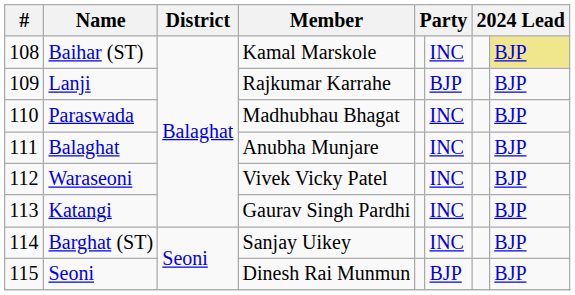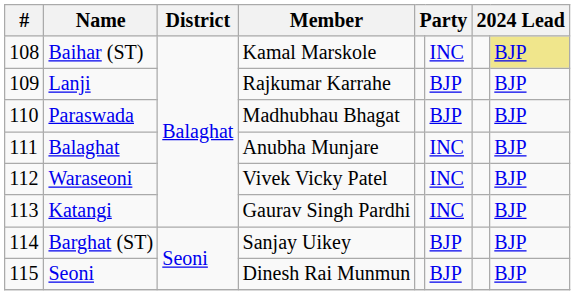 <table class="wikitable">
 <tr>
 <th>#</th>
 <th>Name</th>
 <th>District</th>
 <th>Member</th>
 <th colspan="2">Party</th>
 <th colspan="2">2024 Lead</th>
 </tr>
 <tr>
 <td>108</td>
 <td><a href='#'>Baihar</a> (ST)</td>
 <td rowspan="6"><a href='#'>Balaghat</a></td>
 <td>Kamal Marskole</td>
 <td style="background-color: "></td>
 <td><a href='#'>INC</a></td>
 <td style="background-color: "></td>
 <td style="background: khaki;"><a href='#'>BJP</a></td>
 </tr>
 <tr>
 <td>109</td>
 <td><a href='#'>Lanji</a></td>
 <td>Rajkumar Karrahe</td>
 <td style="background-color: "></td>
 <td><a href='#'>BJP</a></td>
 <td style="background-color: "></td>
 <td><a href='#'>BJP</a></td>
 </tr>
 <tr>
 <td>110</td>
 <td><a href='#'>Paraswada</a></td>
 <td>Madhubhau Bhagat</td>
 <td style="background-color: "></td>
-<td><a href='#'>INC</a></td>
+<td><a href='#'>BJP</a></td>
 <td style="background-color: "></td>
 <td><a href='#'>BJP</a></td>
 </tr>
 <tr>
 <td>111</td>
 <td><a href='#'>Balaghat</a></td>
 <td>Anubha Munjare</td>
 <td style="background-color: "></td>
 <td><a href='#'>INC</a></td>
 <td style="background-color: "></td>
 <td><a href='#'>BJP</a></td>
 </tr>
 <tr>
 <td>112</td>
 <td><a href='#'>Waraseoni</a></td>
 <td>Vivek Vicky Patel</td>
 <td style="background-color: "></td>
 <td><a href='#'>INC</a></td>
 <td style="background-color: "></td>
 <td><a href='#'>BJP</a></td>
 </tr>
 <tr>
 <td>113</td>
 <td><a href='#'>Katangi</a></td>
 <td>Gaurav Singh Pardhi</td>
 <td style="background-color: "></td>
 <td><a href='#'>INC</a></td>
 <td style="background-color: "></td>
 <td><a href='#'>BJP</a></td>
 </tr>
 <tr>
 <td>114</td>
 <td><a href='#'>Barghat</a> (ST)</td>
 <td rowspan="2"><a href='#'>Seoni</a></td>
 <td>Sanjay Uikey</td>
 <td style="background-color: "></td>
-<td><a href='#'>INC</a></td>
+<td><a href='#'>BJP</a></td>
 <td style="background-color: "></td>
 <td><a href='#'>BJP</a></td>
 </tr>
 <tr>
 <td>115</td>
 <td><a href='#'>Seoni</a></td>
 <td>Dinesh Rai Munmun</td>
 <td style="background-color: "></td>
 <td><a href='#'>BJP</a></td>
 <td style="background-color: "></td>
 <td><a href='#'>BJP</a></td>
 </tr>
 <tr>
 </tr>
 </table>
